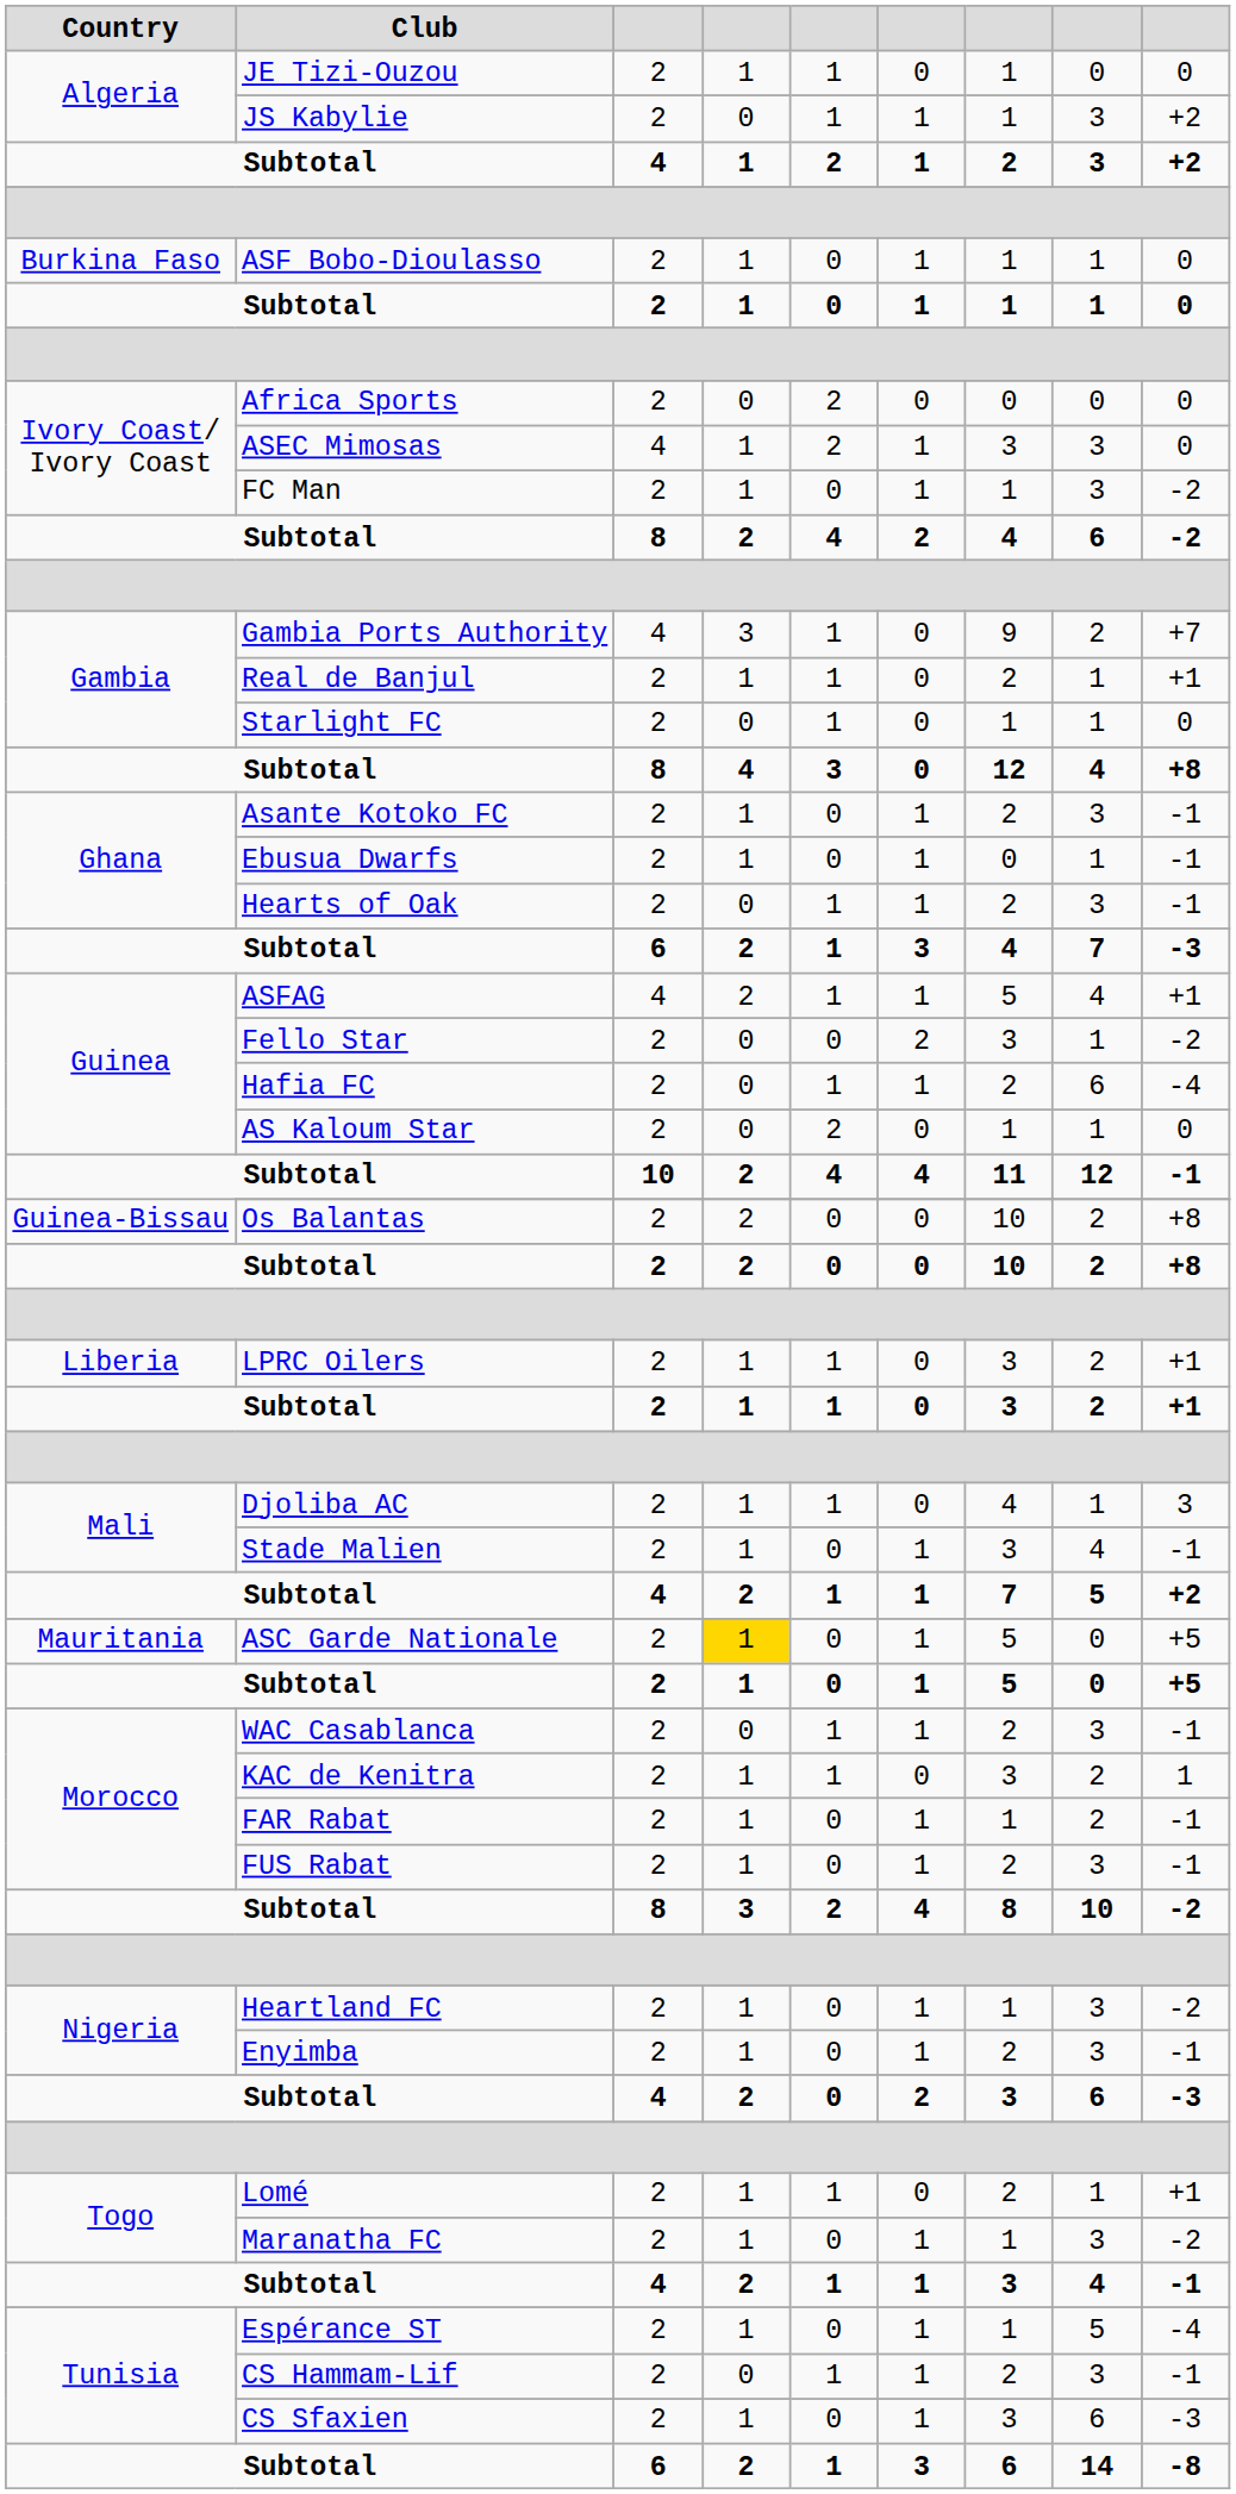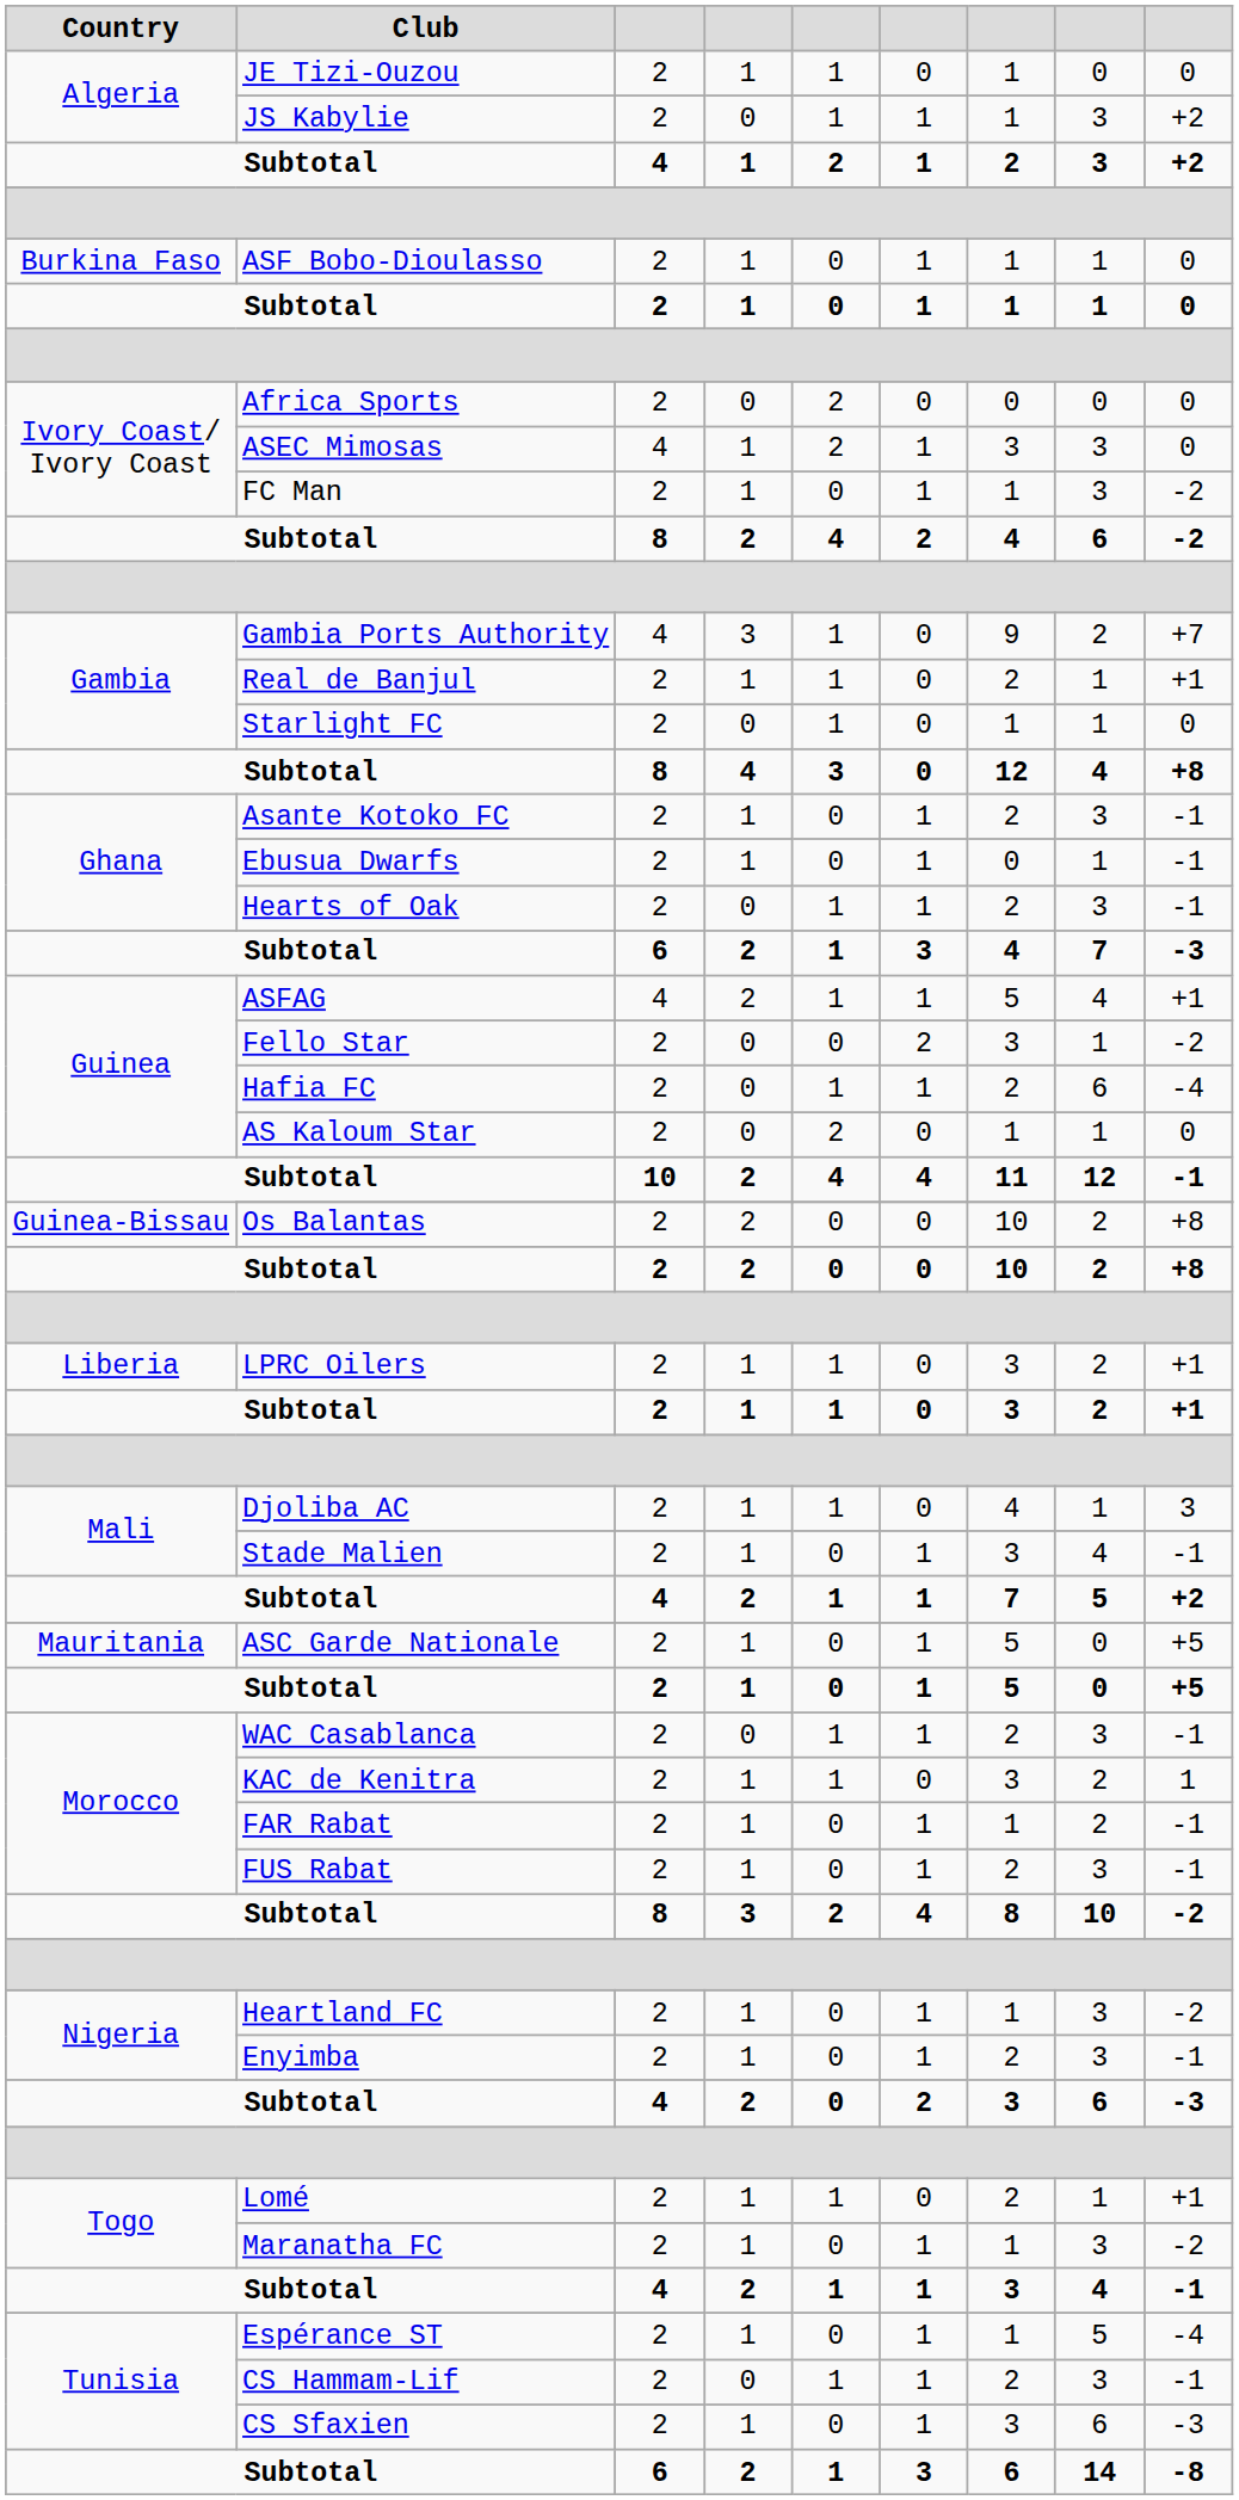 <table class="wikitable" style="text-align: center;">
 <tr>
 <th style="background:#DCDCDC">Country</th>
 <th style="background:#DCDCDC">Club</th>
 <th width="35" style="background:#DCDCDC"></th>
 <th width="35" style="background:#DCDCDC"></th>
 <th width="35" style="background:#DCDCDC"></th>
 <th width="35" style="background:#DCDCDC"></th>
 <th width="35" style="background:#DCDCDC"></th>
 <th width="35" style="background:#DCDCDC"></th>
 <th width="35" style="background:#DCDCDC"></th>
 </tr>
 <tr>
 <td rowspan=2> <a href='#'>Algeria</a></td>
 <td align=left><a href='#'>JE Tizi-Ouzou</a></td>
 <td>2</td>
 <td>1</td>
 <td>1</td>
 <td>0</td>
 <td>1</td>
 <td>0</td>
 <td>0</td>
 </tr>
 <tr>
 <td align=left><a href='#'>JS Kabylie</a></td>
 <td>2</td>
 <td>0</td>
 <td>1</td>
 <td>1</td>
 <td>1</td>
 <td>3</td>
 <td>+2</td>
 </tr>
 <tr>
 <td colspan=2 align-"center"><strong>Subtotal</strong></td>
 <td><strong>4</strong></td>
 <td><strong>1</strong></td>
 <td><strong>2</strong></td>
 <td><strong>1</strong></td>
 <td><strong>2</strong></td>
 <td><strong>3</strong></td>
 <td><strong>+2</strong></td>
 </tr>
 <tr>
 <th colspan=9 height="18" style="background:#DCDCDC"></th>
 </tr>
 <tr>
 <td> <a href='#'>Burkina Faso</a></td>
 <td align=left><a href='#'>ASF Bobo-Dioulasso</a></td>
 <td>2</td>
 <td>1</td>
 <td>0</td>
 <td>1</td>
 <td>1</td>
 <td>1</td>
 <td>0</td>
 </tr>
 <tr>
 <td colspan=2 align-"center"><strong>Subtotal</strong></td>
 <td><strong>2</strong></td>
 <td><strong>1</strong></td>
 <td><strong>0</strong></td>
 <td><strong>1</strong></td>
 <td><strong>1</strong></td>
 <td><strong>1</strong></td>
 <td><strong>0</strong></td>
 </tr>
 <tr>
 <th colspan=9 height="18" style="background:#DCDCDC"></th>
 </tr>
 <tr>
 <td rowspan=3> <a href='#'>Ivory Coast</a>/<br>Ivory Coast</td>
 <td align=left><a href='#'>Africa Sports</a></td>
 <td>2</td>
 <td>0</td>
 <td>2</td>
 <td>0</td>
 <td>0</td>
 <td>0</td>
 <td>0</td>
 </tr>
 <tr>
 <td align=left><a href='#'>ASEC Mimosas</a></td>
 <td>4</td>
 <td>1</td>
 <td>2</td>
 <td>1</td>
 <td>3</td>
 <td>3</td>
 <td>0</td>
 </tr>
 <tr>
 <td align=left>FC Man</td>
 <td>2</td>
 <td>1</td>
 <td>0</td>
 <td>1</td>
 <td>1</td>
 <td>3</td>
 <td>-2</td>
 </tr>
 <tr>
 <td colspan=2 align-"center"><strong>Subtotal</strong></td>
 <td><strong>8</strong></td>
 <td><strong>2</strong></td>
 <td><strong>4</strong></td>
 <td><strong>2</strong></td>
 <td><strong>4</strong></td>
 <td><strong>6</strong></td>
 <td><strong>-2</strong></td>
 </tr>
 <tr>
 <th colspan=9 height="18" style="background:#DCDCDC"></th>
 </tr>
 <tr>
 <td rowspan=3> <a href='#'>Gambia</a></td>
 <td align=left><a href='#'>Gambia Ports Authority</a></td>
 <td>4</td>
 <td>3</td>
 <td>1</td>
 <td>0</td>
 <td>9</td>
 <td>2</td>
 <td>+7</td>
 </tr>
 <tr>
 <td align=left><a href='#'>Real de Banjul</a></td>
 <td>2</td>
 <td>1</td>
 <td>1</td>
 <td>0</td>
 <td>2</td>
 <td>1</td>
 <td>+1</td>
 </tr>
 <tr>
 <td align=left><a href='#'>Starlight FC</a></td>
 <td>2</td>
 <td>0</td>
 <td>1</td>
 <td>0</td>
 <td>1</td>
 <td>1</td>
 <td>0</td>
 </tr>
 <tr>
 <td colspan=2 align-"center"><strong>Subtotal</strong></td>
 <td><strong>8</strong></td>
 <td><strong>4</strong></td>
 <td><strong>3</strong></td>
 <td><strong>0</strong></td>
 <td><strong>12</strong></td>
 <td><strong>4</strong></td>
 <td><strong>+8</strong></td>
 </tr>
 <tr>
 <td rowspan=3> <a href='#'>Ghana</a></td>
 <td align=left><a href='#'>Asante Kotoko FC</a></td>
 <td>2</td>
 <td>1</td>
 <td>0</td>
 <td>1</td>
 <td>2</td>
 <td>3</td>
 <td>-1</td>
 </tr>
 <tr>
 <td align=left><a href='#'>Ebusua Dwarfs</a></td>
 <td>2</td>
 <td>1</td>
 <td>0</td>
 <td>1</td>
 <td>0</td>
 <td>1</td>
 <td>-1</td>
 </tr>
 <tr>
 <td align=left><a href='#'>Hearts of Oak</a></td>
 <td>2</td>
 <td>0</td>
 <td>1</td>
 <td>1</td>
 <td>2</td>
 <td>3</td>
 <td>-1</td>
 </tr>
 <tr>
 <td colspan=2 align-"center"><strong>Subtotal</strong></td>
 <td><strong>6</strong></td>
 <td><strong>2</strong></td>
 <td><strong>1</strong></td>
 <td><strong>3</strong></td>
 <td><strong>4</strong></td>
 <td><strong>7</strong></td>
 <td><strong>-3</strong></td>
 </tr>
 <tr>
 <td rowspan=4> <a href='#'>Guinea</a></td>
 <td align=left><a href='#'>ASFAG</a></td>
 <td>4</td>
 <td>2</td>
 <td>1</td>
 <td>1</td>
 <td>5</td>
 <td>4</td>
 <td>+1</td>
 </tr>
 <tr>
 <td align=left><a href='#'>Fello Star</a></td>
 <td>2</td>
 <td>0</td>
 <td>0</td>
 <td>2</td>
 <td>3</td>
 <td>1</td>
 <td>-2</td>
 </tr>
 <tr>
 <td align=left><a href='#'>Hafia FC</a></td>
 <td>2</td>
 <td>0</td>
 <td>1</td>
 <td>1</td>
 <td>2</td>
 <td>6</td>
 <td>-4</td>
 </tr>
 <tr>
 <td align=left><a href='#'>AS Kaloum Star</a></td>
 <td>2</td>
 <td>0</td>
 <td>2</td>
 <td>0</td>
 <td>1</td>
 <td>1</td>
 <td>0</td>
 </tr>
 <tr>
 <td colspan=2 align-"center"><strong>Subtotal</strong></td>
 <td><strong>10</strong></td>
 <td><strong>2</strong></td>
 <td><strong>4</strong></td>
 <td><strong>4</strong></td>
 <td><strong>11</strong></td>
 <td><strong>12</strong></td>
 <td><strong>-1</strong></td>
 </tr>
 <tr>
 <td rowspan=2> <a href='#'>Guinea-Bissau</a></td>
 </tr>
 <tr>
 <td align=left><a href='#'>Os Balantas</a></td>
 <td>2</td>
 <td>2</td>
 <td>0</td>
 <td>0</td>
 <td>10</td>
 <td>2</td>
 <td>+8</td>
 </tr>
 <tr>
 <td colspan=2 align-"center"><strong>Subtotal</strong></td>
 <td><strong>2</strong></td>
 <td><strong>2</strong></td>
 <td><strong>0</strong></td>
 <td><strong>0</strong></td>
 <td><strong>10</strong></td>
 <td><strong>2</strong></td>
 <td><strong>+8</strong></td>
 </tr>
 <tr>
 <th colspan=9 height="18" style="background:#DCDCDC"></th>
 </tr>
 <tr>
 <td> <a href='#'>Liberia</a></td>
 <td align=left><a href='#'>LPRC Oilers</a></td>
 <td>2</td>
 <td>1</td>
 <td>1</td>
 <td>0</td>
 <td>3</td>
 <td>2</td>
 <td>+1</td>
 </tr>
 <tr>
 <td colspan=2 align-"center"><strong>Subtotal</strong></td>
 <td><strong>2</strong></td>
 <td><strong>1</strong></td>
 <td><strong>1</strong></td>
 <td><strong>0</strong></td>
 <td><strong>3</strong></td>
 <td><strong>2</strong></td>
 <td><strong>+1</strong></td>
 </tr>
 <tr>
 <th colspan=9 height="18" style="background:#DCDCDC"></th>
 </tr>
 <tr>
 <td rowspan=2> <a href='#'>Mali</a></td>
 <td align=left><a href='#'>Djoliba AC</a></td>
 <td>2</td>
 <td>1</td>
 <td>1</td>
 <td>0</td>
 <td>4</td>
 <td>1</td>
 <td>3</td>
 </tr>
 <tr>
 <td align=left><a href='#'>Stade Malien</a></td>
 <td>2</td>
 <td>1</td>
 <td>0</td>
 <td>1</td>
 <td>3</td>
 <td>4</td>
 <td>-1</td>
 </tr>
 <tr>
 <td colspan=2 align-"center"><strong>Subtotal</strong></td>
 <td><strong>4</strong></td>
 <td><strong>2</strong></td>
 <td><strong>1</strong></td>
 <td><strong>1</strong></td>
 <td><strong>7</strong></td>
 <td><strong>5</strong></td>
 <td><strong>+2</strong></td>
 </tr>
 <tr>
 <td> <a href='#'>Mauritania</a></td>
 <td align=left><a href='#'>ASC Garde Nationale</a></td>
 <td>2</td>
-<td style="background: gold;">1</td>
+<td>1</td>
 <td>0</td>
 <td>1</td>
 <td>5</td>
 <td>0</td>
 <td>+5</td>
 </tr>
 <tr>
 <td colspan=2 align-"center"><strong>Subtotal</strong></td>
 <td><strong>2</strong></td>
 <td><strong>1</strong></td>
 <td><strong>0</strong></td>
 <td><strong>1</strong></td>
 <td><strong>5</strong></td>
 <td><strong>0</strong></td>
 <td><strong>+5</strong></td>
 </tr>
 <tr>
 <td rowspan=4> <a href='#'>Morocco</a></td>
 <td align=left><a href='#'>WAC Casablanca</a></td>
 <td>2</td>
 <td>0</td>
 <td>1</td>
 <td>1</td>
 <td>2</td>
 <td>3</td>
 <td>-1</td>
 </tr>
 <tr>
 <td align=left><a href='#'>KAC de Kenitra</a></td>
 <td>2</td>
 <td>1</td>
 <td>1</td>
 <td>0</td>
 <td>3</td>
 <td>2</td>
 <td>1</td>
 </tr>
 <tr>
 <td align=left><a href='#'>FAR Rabat</a></td>
 <td>2</td>
 <td>1</td>
 <td>0</td>
 <td>1</td>
 <td>1</td>
 <td>2</td>
 <td>-1</td>
 </tr>
 <tr>
 <td align=left><a href='#'>FUS Rabat</a></td>
 <td>2</td>
 <td>1</td>
 <td>0</td>
 <td>1</td>
 <td>2</td>
 <td>3</td>
 <td>-1</td>
 </tr>
 <tr>
 <td colspan=2 align-"center"><strong>Subtotal</strong></td>
 <td><strong>8</strong></td>
 <td><strong>3</strong></td>
 <td><strong>2</strong></td>
 <td><strong>4</strong></td>
 <td><strong>8</strong></td>
 <td><strong>10</strong></td>
 <td><strong>-2</strong></td>
 </tr>
 <tr>
 <th colspan=9 height="18" style="background:#DCDCDC"></th>
 </tr>
 <tr>
 <td rowspan=2> <a href='#'>Nigeria</a></td>
 <td align=left><a href='#'>Heartland FC</a></td>
 <td>2</td>
 <td>1</td>
 <td>0</td>
 <td>1</td>
 <td>1</td>
 <td>3</td>
 <td>-2</td>
 </tr>
 <tr>
 <td align=left><a href='#'>Enyimba</a></td>
 <td>2</td>
 <td>1</td>
 <td>0</td>
 <td>1</td>
 <td>2</td>
 <td>3</td>
 <td>-1</td>
 </tr>
 <tr>
 <td colspan=2 align-"center"><strong>Subtotal</strong></td>
 <td><strong>4</strong></td>
 <td><strong>2</strong></td>
 <td><strong>0</strong></td>
 <td><strong>2</strong></td>
 <td><strong>3</strong></td>
 <td><strong>6</strong></td>
 <td><strong>-3</strong></td>
 </tr>
 <tr>
 <th colspan=9 height="18" style="background:#DCDCDC"></th>
 </tr>
 <tr>
 <td rowspan=2> <a href='#'>Togo</a></td>
 <td align=left><a href='#'>Lomé</a></td>
 <td>2</td>
 <td>1</td>
 <td>1</td>
 <td>0</td>
 <td>2</td>
 <td>1</td>
 <td>+1</td>
 </tr>
 <tr>
 <td align=left><a href='#'>Maranatha FC</a></td>
 <td>2</td>
 <td>1</td>
 <td>0</td>
 <td>1</td>
 <td>1</td>
 <td>3</td>
 <td>-2</td>
 </tr>
 <tr>
 <td colspan=2 align-"center"><strong>Subtotal</strong></td>
 <td><strong>4</strong></td>
 <td><strong>2</strong></td>
 <td><strong>1</strong></td>
 <td><strong>1</strong></td>
 <td><strong>3</strong></td>
 <td><strong>4</strong></td>
 <td><strong>-1</strong></td>
 </tr>
 <tr>
 <td rowspan=3> <a href='#'>Tunisia</a></td>
 <td align=left><a href='#'>Espérance ST</a></td>
 <td>2</td>
 <td>1</td>
 <td>0</td>
 <td>1</td>
 <td>1</td>
 <td>5</td>
 <td>-4</td>
 </tr>
 <tr>
 <td align=left><a href='#'>CS Hammam-Lif</a></td>
 <td>2</td>
 <td>0</td>
 <td>1</td>
 <td>1</td>
 <td>2</td>
 <td>3</td>
 <td>-1</td>
 </tr>
 <tr>
 <td align=left><a href='#'>CS Sfaxien</a></td>
 <td>2</td>
 <td>1</td>
 <td>0</td>
 <td>1</td>
 <td>3</td>
 <td>6</td>
 <td>-3</td>
 </tr>
 <tr>
 <td colspan=2 align-"center"><strong>Subtotal</strong></td>
 <td><strong>6</strong></td>
 <td><strong>2</strong></td>
 <td><strong>1</strong></td>
 <td><strong>3</strong></td>
 <td><strong>6</strong></td>
 <td><strong>14</strong></td>
 <td><strong>-8</strong></td>
 </tr>
 </table>
